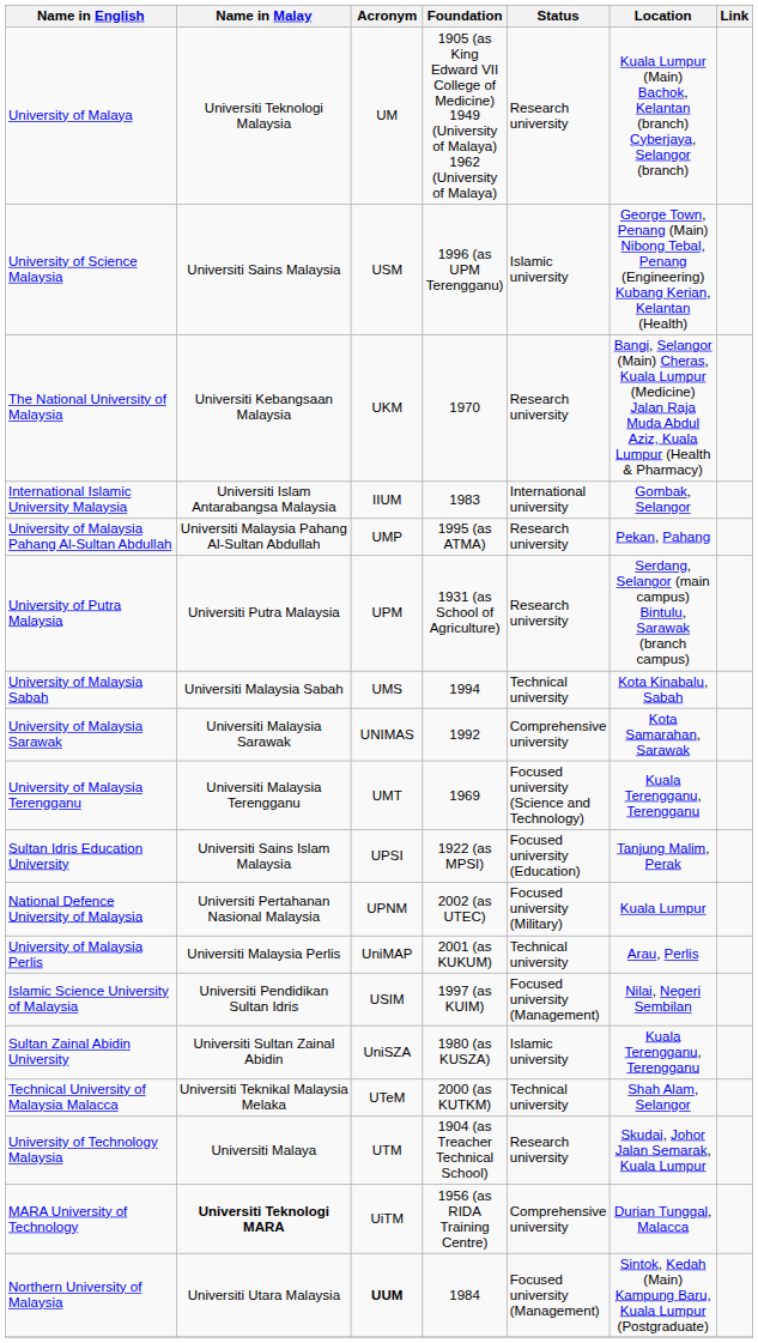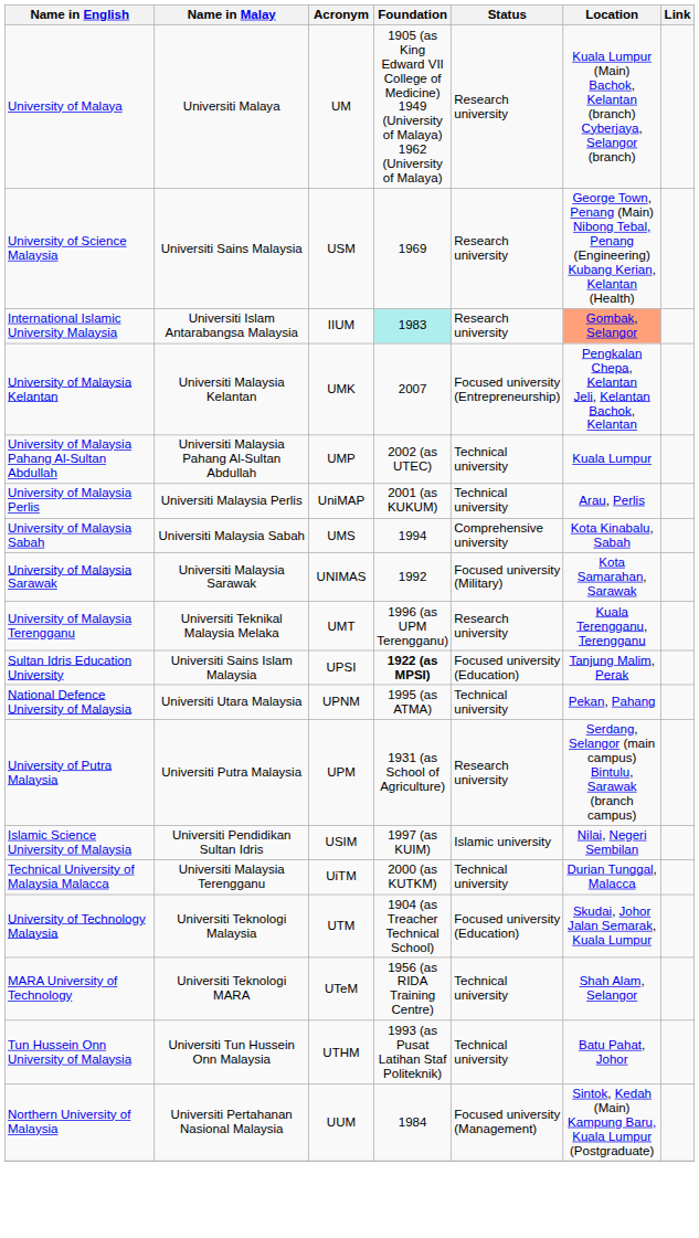 <table class="wikitable sortable">
 <tr>
 <th>Name in <a href='#'>English</a></th>
 <th>Name in <a href='#'>Malay</a></th>
 <th>Acronym</th>
 <th>Foundation</th>
 <th>Status</th>
 <th>Location</th>
 <th class="unsortable">Link</th>
 </tr>
 <tr>
 <td width="30%"><a href='#'>University of Malaya</a></td>
-<td width="30%" align="center">Universiti Teknologi Malaysia</td>
+<td width="30%" align="center">Universiti Malaya</td>
 <td width="10%" align="center">UM</td>
 <td width="10%" align="center">1905 (as King Edward VII College of Medicine) 1949 (University of Malaya) 1962 (University of Malaya)</td>
 <td>Research university</td>
 <td width="15%" align="center"><a href='#'>Kuala Lumpur</a> (Main)<br><a href='#'>Bachok</a>, <a href='#'>Kelantan</a> (branch)  <a href='#'>Cyberjaya</a>, <a href='#'>Selangor</a> (branch)</td>
 <td width="5%" align="center"></td>
 </tr>
 <tr>
 <td width="30%"><a href='#'>University of Science Malaysia</a></td>
 <td width="30%" align="center">Universiti Sains Malaysia</td>
 <td width="10%" align="center">USM</td>
-<td width="10%" align="center">1996 (as UPM Terengganu)</td>
-<td>Islamic university</td>
+<td width="10%" align="center">1969</td>
+<td>Research university</td>
 <td width="15%" align="center"><a href='#'>George Town</a>, <a href='#'>Penang</a> (Main)<br><a href='#'>Nibong Tebal, Penang</a> (Engineering)<br><a href='#'>Kubang Kerian</a>, <a href='#'>Kelantan</a> (Health)</td>
-<td width="5%" align="center"></td>
-</tr>
-<tr>
-<td width="30%"><a href='#'>The National University of Malaysia</a></td>
-<td width="30%" align="center">Universiti Kebangsaan Malaysia</td>
-<td width="10%" align="center">UKM</td>
-<td width="10%" align="center">1970</td>
-<td>Research university</td>
-<td width="15%" align="center"><a href='#'>Bangi</a>, <a href='#'>Selangor</a> (Main) <a href='#'>Cheras</a>, <a href='#'>Kuala Lumpur</a> (Medicine) <a href='#'>Jalan Raja Muda Abdul Aziz, Kuala Lumpur</a> (Health & Pharmacy)</td>
 <td width="5%" align="center"></td>
 </tr>
 <tr>
 <td width="30%"><a href='#'>International Islamic University Malaysia</a></td>
 <td width="30%" align="center">Universiti Islam Antarabangsa Malaysia</td>
 <td width="10%" align="center">IIUM</td>
-<td width="10%" align="center">1983</td>
-<td>International university</td>
-<td width="15%" align="center"><a href='#'>Gombak</a>, <a href='#'>Selangor</a></td>
+<td width="10%" align="center" style="background: paleturquoise;">1983</td>
+<td>Research university</td>
+<td width="15%" align="center" style="background: lightsalmon;"><a href='#'>Gombak</a>, <a href='#'>Selangor</a></td>
+<td width="5%" align="center"></td>
+</tr>
+<tr>
+<td width="30%"><a href='#'>University of Malaysia Kelantan</a></td>
+<td width="30%" align="center">Universiti Malaysia Kelantan</td>
+<td width="10%" align="center">UMK</td>
+<td width="10%" align="center">2007</td>
+<td>Focused university (Entrepreneurship)</td>
+<td width="15%" align="center"><a href='#'>Pengkalan Chepa</a>, <a href='#'>Kelantan</a><br><a href='#'>Jeli</a>, <a href='#'>Kelantan</a> <a href='#'>Bachok</a>, <a href='#'>Kelantan</a></td>
 <td width="5%" align="center"></td>
 </tr>
 <tr>
 <td width="30%"><a href='#'>University of Malaysia Pahang Al-Sultan Abdullah</a></td>
 <td width="30%" align="center">Universiti Malaysia Pahang Al-Sultan Abdullah</td>
 <td width="10%" align="center">UMP</td>
+<td width="10%" align="center">2002 (as UTEC)</td>
+<td>Technical university</td>
+<td width="15%" align="center"><a href='#'>Kuala Lumpur</a></td>
+<td width="5%" align="center"></td>
+</tr>
+<tr>
+<td width="30%"><a href='#'>University of Malaysia Perlis</a></td>
+<td width="30%" align="center">Universiti Malaysia Perlis</td>
+<td width="10%" align="center">UniMAP</td>
+<td width="10%" align="center">2001 (as KUKUM)</td>
+<td>Technical university</td>
+<td width="15%" align="center"><a href='#'>Arau</a>, <a href='#'>Perlis</a></td>
+<td width="5%" align="center"></td>
+</tr>
+<tr>
+<td width="30%"><a href='#'>University of Malaysia Sabah</a></td>
+<td width="30%" align="center">Universiti Malaysia Sabah</td>
+<td width="10%" align="center">UMS</td>
+<td width="10%" align="center">1994</td>
+<td>Comprehensive university</td>
+<td width="15%" align="center"><a href='#'>Kota Kinabalu</a>, <a href='#'>Sabah</a></td>
+<td width="5%" align="center"></td>
+</tr>
+<tr>
+<td width="30%"><a href='#'>University of Malaysia Sarawak</a></td>
+<td width="30%" align="center">Universiti Malaysia Sarawak</td>
+<td width="10%" align="center">UNIMAS</td>
+<td width="10%" align="center">1992</td>
+<td>Focused university (Military)</td>
+<td width="15%" align="center"><a href='#'>Kota Samarahan</a>, <a href='#'>Sarawak</a></td>
+<td width="5%" align="center"></td>
+</tr>
+<tr>
+<td width="30%"><a href='#'>University of Malaysia Terengganu</a></td>
+<td width="30%" align="center">Universiti Teknikal Malaysia Melaka</td>
+<td width="10%" align="center">UMT</td>
+<td width="10%" align="center">1996 (as UPM Terengganu)</td>
+<td>Research university</td>
+<td width="15%" align="center"><a href='#'>Kuala Terengganu</a>, <a href='#'>Terengganu</a></td>
+<td width="5%" align="center"></td>
+</tr>
+<tr>
+<td width="30%"><a href='#'>Sultan Idris Education University</a></td>
+<td width="30%" align="center">Universiti Sains Islam Malaysia</td>
+<td width="10%" align="center">UPSI</td>
+<td width="10%" align="center"><strong>1922 (as MPSI)</strong></td>
+<td>Focused university (Education)</td>
+<td width="15%" align="center"><a href='#'>Tanjung Malim</a>, <a href='#'>Perak</a></td>
+<td width="5%" align="center"></td>
+</tr>
+<tr>
+<td width="30%"><a href='#'>National Defence University of Malaysia</a></td>
+<td width="30%" align="center">Universiti Utara Malaysia</td>
+<td width="10%" align="center">UPNM</td>
 <td width="10%" align="center">1995 (as ATMA)</td>
-<td>Research university</td>
+<td>Technical university</td>
 <td width="15%" align="center"><a href='#'>Pekan</a>, <a href='#'>Pahang</a></td>
 <td width="5%" align="center"></td>
 </tr>
 <tr>
 <td width="30%"><a href='#'>University of Putra Malaysia</a></td>
 <td width="30%" align="center">Universiti Putra Malaysia</td>
 <td width="10%" align="center">UPM</td>
 <td width="10%" align="center">1931 (as School of Agriculture)</td>
 <td>Research university</td>
 <td width="15%" align="center"><a href='#'>Serdang</a>, <a href='#'>Selangor</a> (main campus) <a href='#'>Bintulu</a>, <a href='#'>Sarawak</a> (branch campus)</td>
 <td width="5%" align="center"></td>
 </tr>
 <tr>
-<td width="30%"><a href='#'>University of Malaysia Sabah</a></td>
-<td width="30%" align="center">Universiti Malaysia Sabah</td>
-<td width="10%" align="center">UMS</td>
-<td width="10%" align="center">1994</td>
-<td>Technical university</td>
-<td width="15%" align="center"><a href='#'>Kota Kinabalu</a>, <a href='#'>Sabah</a></td>
-<td width="5%" align="center"></td>
-</tr>
-<tr>
-<td width="30%"><a href='#'>University of Malaysia Sarawak</a></td>
-<td width="30%" align="center">Universiti Malaysia Sarawak</td>
-<td width="10%" align="center">UNIMAS</td>
-<td width="10%" align="center">1992</td>
-<td>Comprehensive university</td>
-<td width="15%" align="center"><a href='#'>Kota Samarahan</a>, <a href='#'>Sarawak</a></td>
-<td width="5%" align="center"></td>
-</tr>
-<tr>
-<td width="30%"><a href='#'>University of Malaysia Terengganu</a></td>
-<td width="30%" align="center">Universiti Malaysia Terengganu</td>
-<td width="10%" align="center">UMT</td>
-<td width="10%" align="center">1969</td>
-<td>Focused university (Science and Technology)</td>
-<td width="15%" align="center"><a href='#'>Kuala Terengganu</a>, <a href='#'>Terengganu</a></td>
-<td width="5%" align="center"></td>
-</tr>
-<tr>
-<td width="30%"><a href='#'>Sultan Idris Education University</a></td>
-<td width="30%" align="center">Universiti Sains Islam Malaysia</td>
-<td width="10%" align="center">UPSI</td>
-<td width="10%" align="center">1922 (as MPSI)</td>
-<td>Focused university (Education)</td>
-<td width="15%" align="center"><a href='#'>Tanjung Malim</a>, <a href='#'>Perak</a></td>
-<td width="5%" align="center"></td>
-</tr>
-<tr>
-<td width="30%"><a href='#'>National Defence University of Malaysia</a></td>
-<td width="30%" align="center">Universiti Pertahanan Nasional Malaysia</td>
-<td width="10%" align="center">UPNM</td>
-<td width="10%" align="center">2002 (as UTEC)</td>
-<td>Focused university (Military)</td>
-<td width="15%" align="center"><a href='#'>Kuala Lumpur</a></td>
-<td width="5%" align="center"></td>
-</tr>
-<tr>
-<td width="30%"><a href='#'>University of Malaysia Perlis</a></td>
-<td width="30%" align="center">Universiti Malaysia Perlis</td>
-<td width="10%" align="center">UniMAP</td>
-<td width="10%" align="center">2001 (as KUKUM)</td>
-<td>Technical university</td>
-<td width="15%" align="center"><a href='#'>Arau</a>, <a href='#'>Perlis</a></td>
-<td width="5%" align="center"></td>
-</tr>
-<tr>
 <td width="30%"><a href='#'>Islamic Science University of Malaysia</a></td>
 <td width="30%" align="center">Universiti Pendidikan Sultan Idris</td>
 <td width="10%" align="center">USIM</td>
 <td width="10%" align="center">1997 (as KUIM)</td>
-<td>Focused university (Management)</td>
+<td>Islamic university</td>
 <td width="15%" align="center"><a href='#'>Nilai</a>, <a href='#'>Negeri Sembilan</a></td>
 <td width="5%" align="center"></td>
 </tr>
 <tr>
-<td width="30%"><a href='#'>Sultan Zainal Abidin University</a></td>
-<td width="30%" align="center">Universiti Sultan Zainal Abidin</td>
-<td width="10%" align="center">UniSZA</td>
-<td width="10%" align="center">1980 (as KUSZA)</td>
-<td>Islamic university</td>
-<td width="15%" align="center"><a href='#'>Kuala Terengganu</a>, <a href='#'>Terengganu</a></td>
+<td width="30%"><a href='#'>Technical University of Malaysia Malacca</a></td>
+<td width="30%" align="center">Universiti Malaysia Terengganu</td>
+<td width="10%" align="center">UiTM</td>
+<td width="10%" align="center">2000 (as KUTKM)</td>
+<td>Technical university</td>
+<td width="15%" align="center"><a href='#'>Durian Tunggal</a>, <a href='#'>Malacca</a></td>
 <td width="5%" align="center"></td>
 </tr>
 <tr>
-<td width="30%"><a href='#'>Technical University of Malaysia Malacca</a></td>
-<td width="30%" align="center">Universiti Teknikal Malaysia Melaka</td>
+<td width="30%"><a href='#'>University of Technology Malaysia</a></td>
+<td width="30%" align="center">Universiti Teknologi Malaysia</td>
+<td width="10%" align="center">UTM</td>
+<td width="10%" align="center">1904 (as Treacher Technical School)</td>
+<td>Focused university (Education)</td>
+<td width="15%" align="center"><a href='#'>Skudai</a>, <a href='#'>Johor</a><br><a href='#'>Jalan Semarak</a>, <a href='#'>Kuala Lumpur</a></td>
+<td width="5%" align="center"></td>
+</tr>
+<tr>
+<td width="30%"><a href='#'>MARA University of Technology</a></td>
+<td width="30%" align="center">Universiti Teknologi MARA</td>
 <td width="10%" align="center">UTeM</td>
-<td width="10%" align="center">2000 (as KUTKM)</td>
+<td width="10%" align="center">1956 (as RIDA Training Centre)</td>
 <td>Technical university</td>
 <td width="15%" align="center"><a href='#'>Shah Alam</a>, <a href='#'>Selangor</a></td>
 <td width="5%" align="center"></td>
 </tr>
 <tr>
-<td width="30%"><a href='#'>University of Technology Malaysia</a></td>
-<td width="30%" align="center">Universiti Malaya</td>
-<td width="10%" align="center">UTM</td>
-<td width="10%" align="center">1904 (as Treacher Technical School)</td>
-<td>Research university</td>
-<td width="15%" align="center"><a href='#'>Skudai</a>, <a href='#'>Johor</a><br><a href='#'>Jalan Semarak</a>, <a href='#'>Kuala Lumpur</a></td>
-<td width="5%" align="center"></td>
-</tr>
-<tr>
-<td width="30%"><a href='#'>MARA University of Technology</a></td>
-<td width="30%" align="center"><strong>Universiti Teknologi MARA</strong></td>
-<td width="10%" align="center">UiTM</td>
-<td width="10%" align="center">1956 (as RIDA Training Centre)</td>
-<td>Comprehensive university</td>
-<td width="15%" align="center"><a href='#'>Durian Tunggal</a>, <a href='#'>Malacca</a></td>
+<td width="30%"><a href='#'>Tun Hussein Onn University of Malaysia</a></td>
+<td width="30%" align="center">Universiti Tun Hussein Onn Malaysia</td>
+<td width="10%" align="center">UTHM</td>
+<td width="10%" align="center">1993 (as Pusat Latihan Staf Politeknik)</td>
+<td>Technical university</td>
+<td width="15%" align="center"><a href='#'>Batu Pahat</a>, <a href='#'>Johor</a></td>
 <td width="5%" align="center"></td>
 </tr>
 <tr>
 <td width="30%"><a href='#'>Northern University of Malaysia</a></td>
-<td width="30%" align="center">Universiti Utara Malaysia</td>
-<td width="10%" align="center"><strong>UUM</strong></td>
+<td width="30%" align="center">Universiti Pertahanan Nasional Malaysia</td>
+<td width="10%" align="center">UUM</td>
 <td width="10%" align="center">1984</td>
 <td>Focused university (Management)</td>
 <td width="15%" align="center"><a href='#'>Sintok</a>, <a href='#'>Kedah</a> (Main)<br><a href='#'>Kampung Baru, Kuala Lumpur</a> (Postgraduate)</td>
 <td width="5%" align="center"></td>
 </tr>
 <tr>
 </tr>
 </table>
